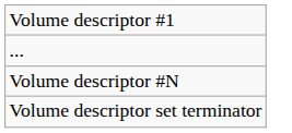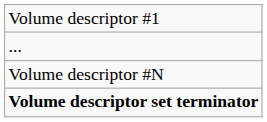 <table class="wikitable">
 <tr>
 <td>Volume descriptor #1</td>
 </tr>
 <tr>
 <td>...</td>
 </tr>
 <tr>
 <td>Volume descriptor #N</td>
 </tr>
 <tr>
-<td>Volume descriptor set terminator</td>
+<td><strong>Volume descriptor set terminator</strong></td>
 </tr>
 </table>
